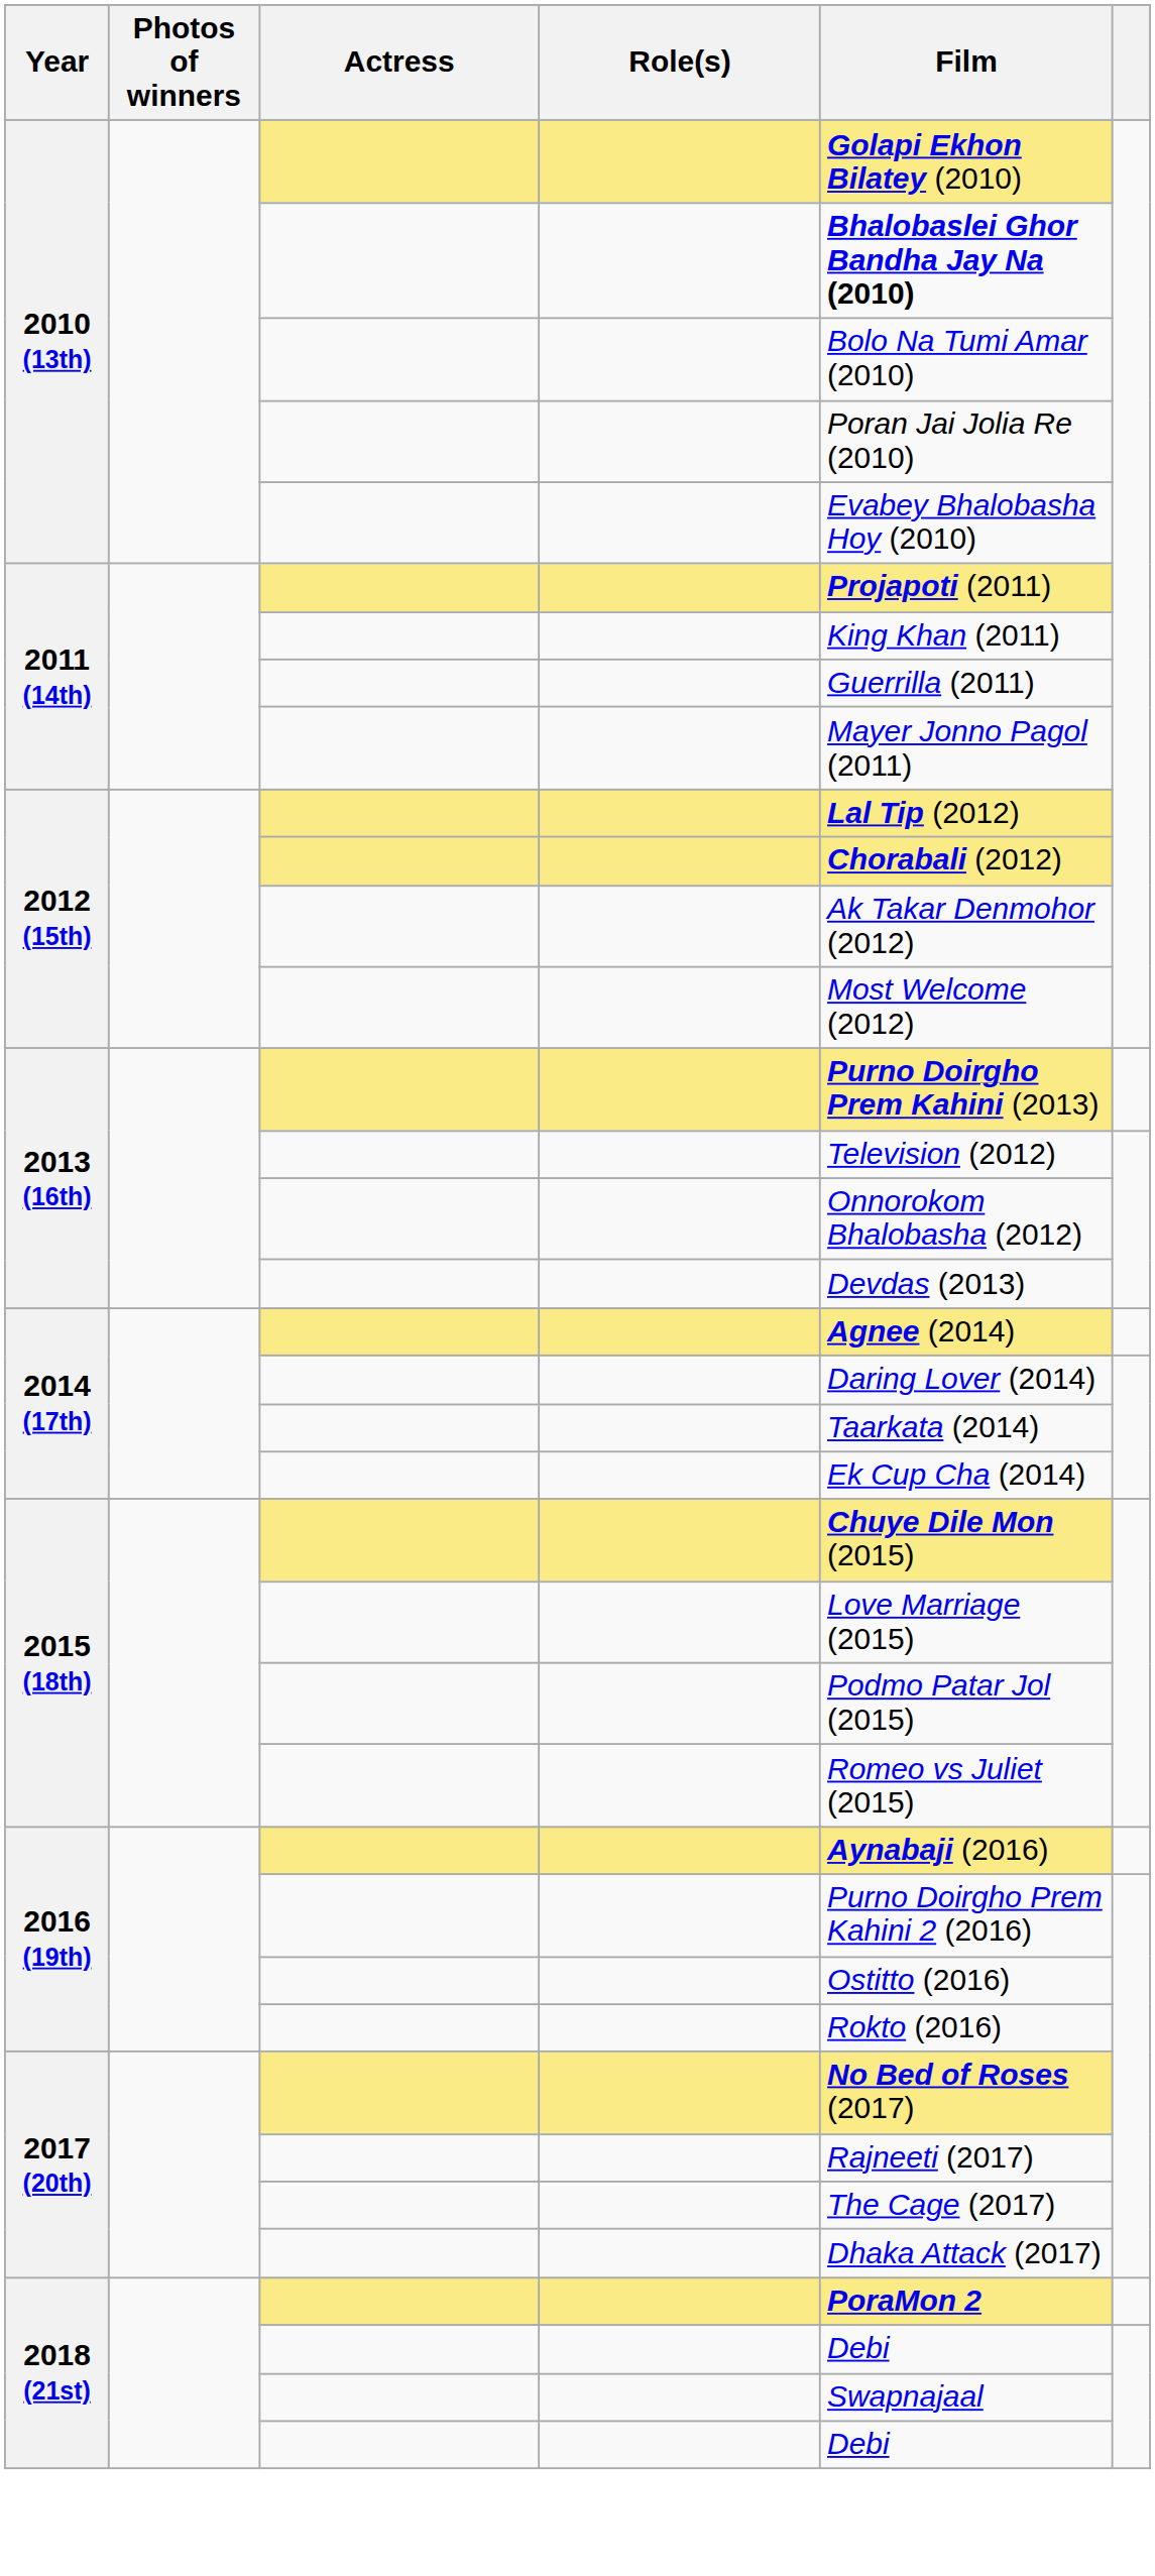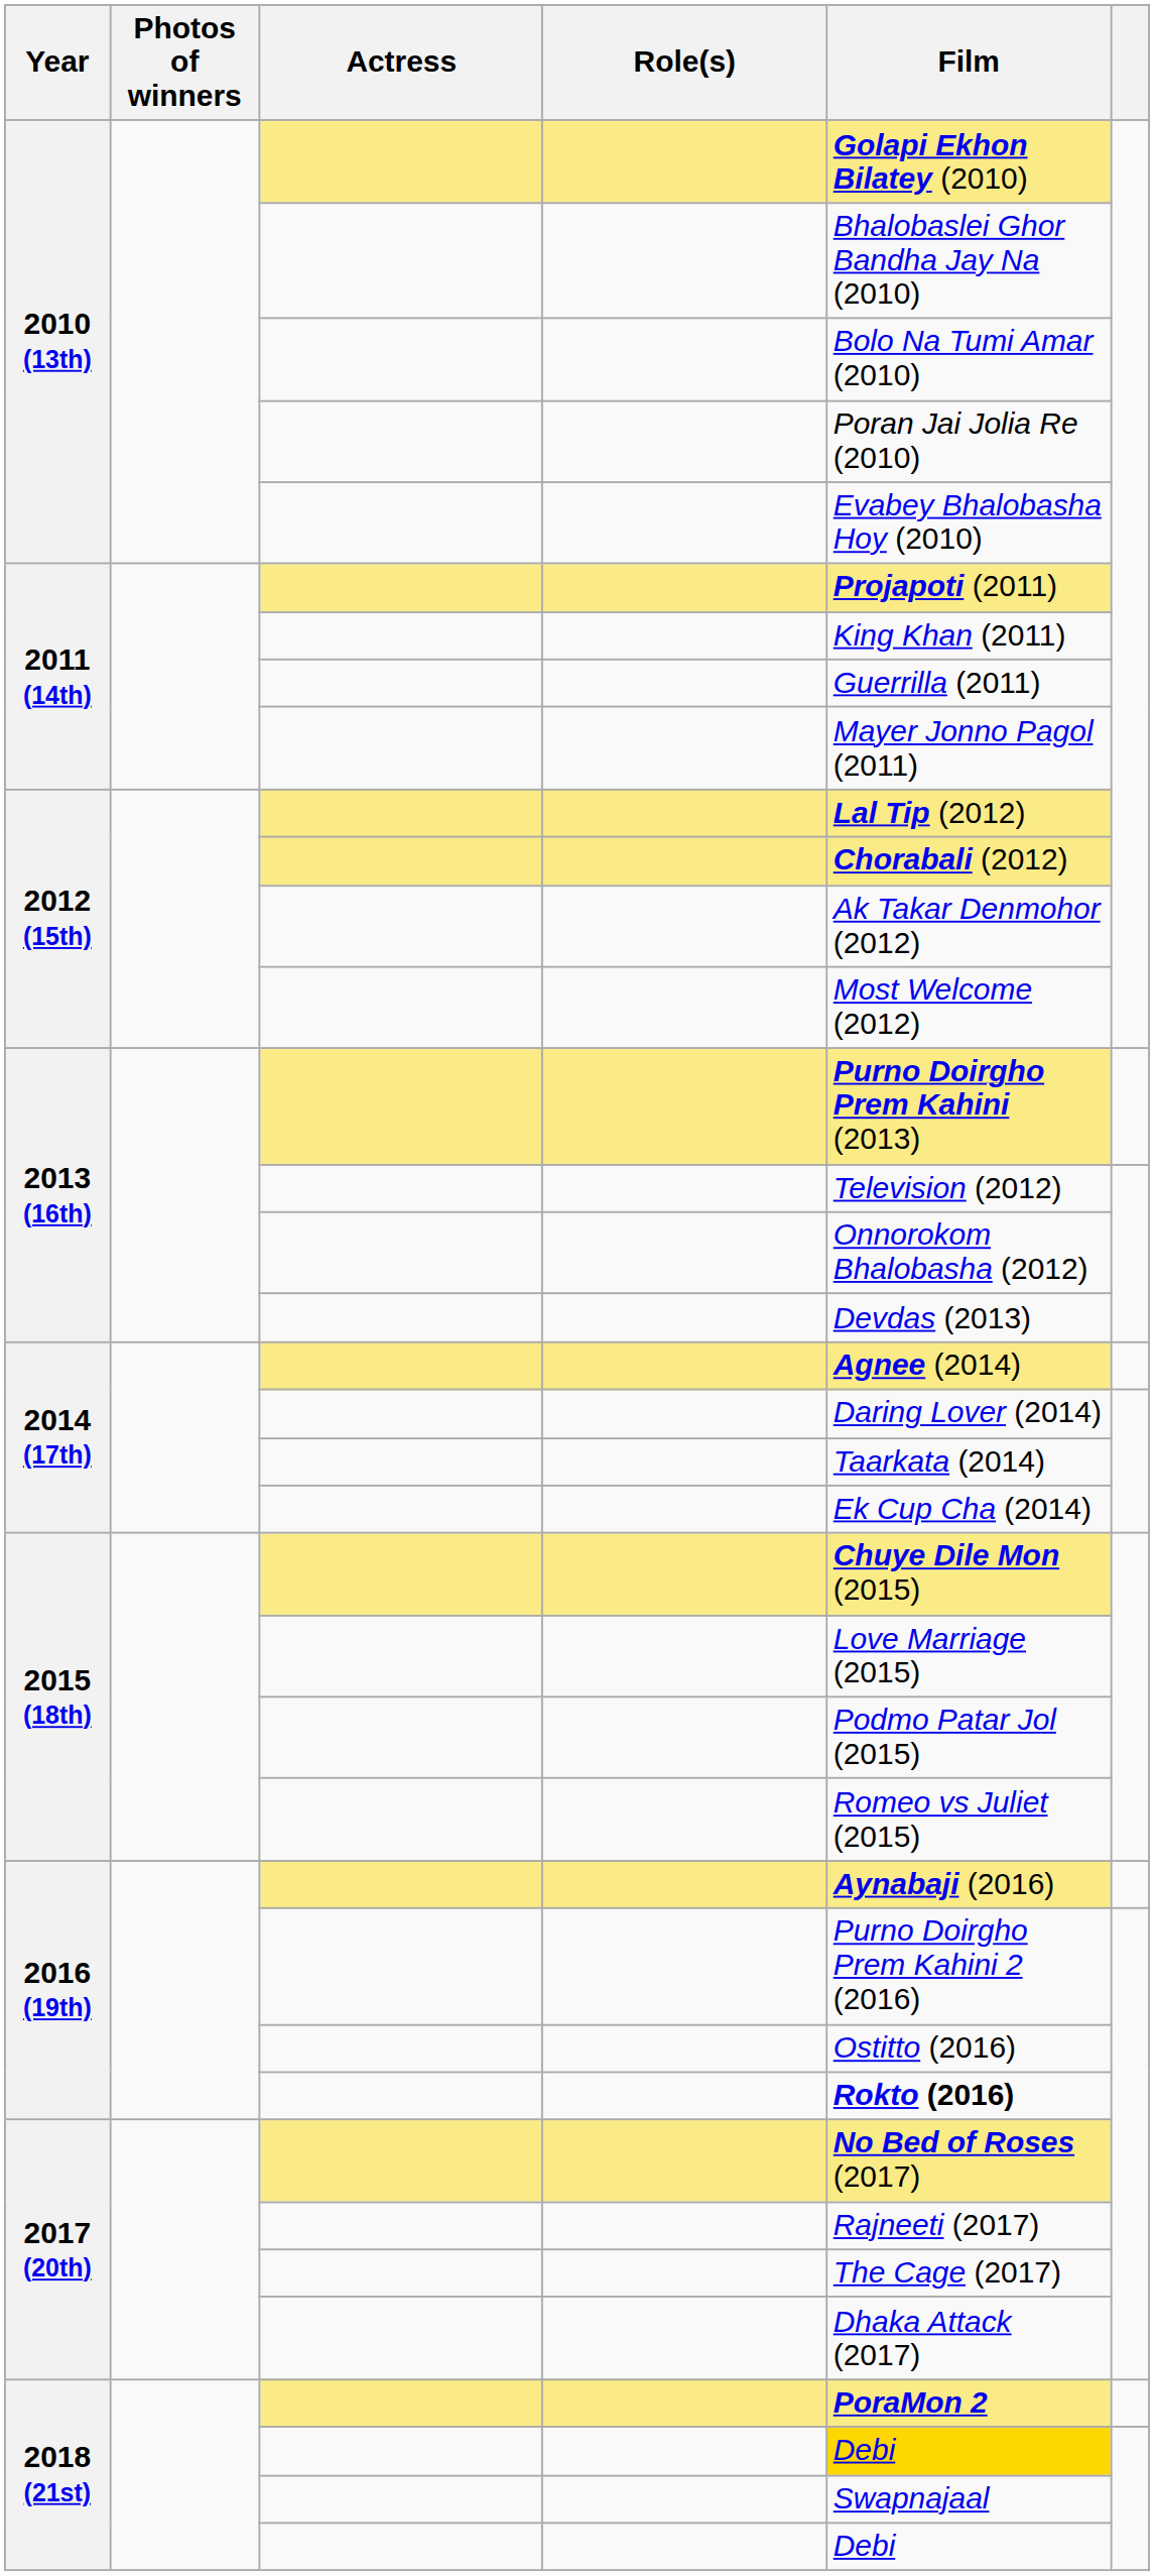 <table class="wikitable sortable" style="text-align:left;">
 <tr>
 <th scope="col" style="width:3%; text-align:center;">Year</th>
 <th scope="col" style="width:3%; text-align:center;">Photos of winners</th>
 <th scope="col" style="width:15%;text-align:center;">Actress</th>
 <th scope="col" style="width:15%;text-align:center;">Role(s)</th>
 <th scope="col" style="width:15%;text-align:center;">Film</th>
 <th scope="col" style="width:2%;" class="unsortable"></th>
 </tr>
 <tr>
 <th scope="row" rowspan=5 style="text-align:center">2010 <br><small><a href='#'>(13th)</a> </small></th>
 <td rowspan=5 style="text-align:center"></td>
 <td style="background:#FAEB86;"><strong></strong> </td>
 <td style="background:#FAEB86;"><strong></strong></td>
 <td style="background:#FAEB86;"><strong><em><a href='#'>Golapi Ekhon Bilatey</a></em></strong> (2010)</td>
 </tr>
 <tr>
 <td></td>
 <td></td>
-<td><strong><em><a href='#'>Bhalobaslei Ghor Bandha Jay Na</a></em> (2010)</strong></td>
+<td><em><a href='#'>Bhalobaslei Ghor Bandha Jay Na</a></em> (2010)</td>
 </tr>
 <tr>
 <td></td>
 <td></td>
 <td><em><a href='#'>Bolo Na Tumi Amar</a></em> (2010)</td>
 </tr>
 <tr>
 <td></td>
 <td></td>
 <td><em>Poran Jai Jolia Re</em> (2010)</td>
 </tr>
 <tr>
 <td></td>
 <td></td>
 <td><em><a href='#'>Evabey Bhalobasha Hoy</a></em> (2010)</td>
 </tr>
 <tr>
 <th scope="row" rowspan=4 style="text-align:center">2011 <br><small><a href='#'>(14th)</a> </small></th>
 <td rowspan=4 style="text-align:center"></td>
 <td style="background:#FAEB86;"><strong></strong> </td>
 <td style="background:#FAEB86;"><strong></strong></td>
 <td style="background:#FAEB86;"><strong><em><a href='#'>Projapoti</a></em></strong> (2011)</td>
 </tr>
 <tr>
 <td></td>
 <td></td>
 <td><em><a href='#'>King Khan</a></em> (2011)</td>
 </tr>
 <tr>
 <td></td>
 <td></td>
 <td><em><a href='#'>Guerrilla</a></em> (2011)</td>
 </tr>
 <tr>
 <td></td>
 <td></td>
 <td><em><a href='#'>Mayer Jonno Pagol</a></em> (2011)</td>
 </tr>
 <tr>
 <th scope="row" rowspan=4 style="text-align:center">2012 <br><small><a href='#'>(15th)</a> </small></th>
 <td rowspan=4 style="text-align:center"></td>
 <td style="background:#FAEB86;"><strong></strong> </td>
 <td style="background:#FAEB86;"><strong></strong></td>
 <td style="background:#FAEB86;"><strong><em><a href='#'>Lal Tip</a></em></strong> (2012)</td>
 </tr>
 <tr>
 <td style="background:#FAEB86;"><strong></strong> </td>
 <td style="background:#FAEB86;"><strong></strong></td>
 <td style="background:#FAEB86;"><strong><em><a href='#'>Chorabali</a></em></strong> (2012)</td>
 </tr>
 <tr>
 <td></td>
 <td></td>
 <td><em><a href='#'>Ak Takar Denmohor</a></em> (2012)</td>
 </tr>
 <tr>
 <td></td>
 <td></td>
 <td><em><a href='#'>Most Welcome</a></em> (2012)</td>
 </tr>
 <tr>
 <th scope="row" rowspan=4 style="text-align:center">2013 <br><small><a href='#'>(16th)</a> </small></th>
 <td rowspan=4 style="text-align:center"></td>
 <td style="background:#FAEB86;"><strong></strong> </td>
 <td style="background:#FAEB86;"><strong></strong></td>
 <td style="background:#FAEB86;"><strong><em><a href='#'>Purno Doirgho Prem Kahini</a></em></strong> (2013)</td>
 <td></td>
 </tr>
 <tr>
 <td></td>
 <td></td>
 <td><em><a href='#'>Television</a></em> (2012)</td>
 </tr>
 <tr>
 <td></td>
 <td></td>
 <td><em><a href='#'>Onnorokom Bhalobasha</a></em> (2012)</td>
 </tr>
 <tr>
 <td></td>
 <td></td>
 <td><em><a href='#'>Devdas</a></em> (2013)</td>
 </tr>
 <tr>
 <th scope="row" rowspan=4 style="text-align:center">2014 <br><small><a href='#'>(17th)</a> </small></th>
 <td rowspan=4 style="text-align:center"></td>
 <td style="background:#FAEB86;"><strong></strong> </td>
 <td style="background:#FAEB86;"><strong></strong></td>
 <td style="background:#FAEB86;"><strong><em><a href='#'>Agnee</a></em></strong> (2014)</td>
 <td></td>
 </tr>
 <tr>
 <td></td>
 <td></td>
 <td><em><a href='#'>Daring Lover</a></em> (2014)</td>
 <td rowspan="3"></td>
 </tr>
 <tr>
 <td></td>
 <td></td>
 <td><em><a href='#'>Taarkata</a></em> (2014)</td>
 </tr>
 <tr>
 <td></td>
 <td></td>
 <td><em><a href='#'>Ek Cup Cha</a></em> (2014)</td>
 </tr>
 <tr>
 <th scope="row" rowspan=4 style="text-align:center">2015 <br><small><a href='#'>(18th)</a> </small></th>
 <td rowspan=4 style="text-align:center"></td>
 <td style="background:#FAEB86;"><strong></strong> </td>
 <td style="background:#FAEB86;"><strong></strong></td>
 <td style="background:#FAEB86;"><strong><em><a href='#'>Chuye Dile Mon</a></em></strong> (2015)</td>
 </tr>
 <tr>
 <td></td>
 <td></td>
 <td><em><a href='#'>Love Marriage</a></em> (2015)</td>
 </tr>
 <tr>
 <td></td>
 <td></td>
 <td><em><a href='#'>Podmo Patar Jol</a></em> (2015)</td>
 </tr>
 <tr>
 <td></td>
 <td></td>
 <td><em><a href='#'>Romeo vs Juliet</a></em> (2015)</td>
 </tr>
 <tr>
 <th scope="row" rowspan=4 style="text-align:center">2016 <br><small><a href='#'>(19th)</a> </small></th>
 <td rowspan=4 style="text-align:center"></td>
 <td style="background:#FAEB86;"><strong></strong> </td>
 <td style="background:#FAEB86;"><strong></strong></td>
 <td style="background:#FAEB86;"><strong><em><a href='#'>Aynabaji</a></em></strong> (2016)</td>
 <td></td>
 </tr>
 <tr>
 <td></td>
 <td></td>
 <td><em><a href='#'>Purno Doirgho Prem Kahini 2</a></em> (2016)</td>
 </tr>
 <tr>
 <td></td>
 <td></td>
 <td><em><a href='#'>Ostitto</a></em> (2016)</td>
 </tr>
 <tr>
 <td></td>
 <td></td>
-<td><em><a href='#'>Rokto</a></em> (2016)</td>
+<td><strong><em><a href='#'>Rokto</a></em> (2016)</strong></td>
 </tr>
 <tr>
 <th scope="row" rowspan=4 style="text-align:center">2017 <br><small><a href='#'>(20th)</a> </small></th>
 <td rowspan=4 style="text-align:center"></td>
 <td style="background:#FAEB86;"><strong></strong> </td>
 <td style="background:#FAEB86;"><strong></strong></td>
 <td style="background:#FAEB86;"><strong><em><a href='#'>No Bed of Roses</a></em></strong> (2017)</td>
 </tr>
 <tr>
 <td></td>
 <td></td>
 <td><em><a href='#'>Rajneeti</a></em> (2017)</td>
 </tr>
 <tr>
 <td></td>
 <td></td>
 <td><em><a href='#'>The Cage</a></em> (2017)</td>
 </tr>
 <tr>
 <td></td>
 <td></td>
 <td><em><a href='#'>Dhaka Attack</a></em> (2017)</td>
 </tr>
 <tr>
 <th scope="row" rowspan=4 style="text-align:center">2018 <br><small><a href='#'>(21st)</a> </small></th>
 <td rowspan=4 style="text-align:center"></td>
 <td style="background:#FAEB86;"><strong></strong> </td>
 <td style="background:#FAEB86;"><strong></strong></td>
 <td style="background:#FAEB86;"><strong><em><a href='#'>PoraMon 2</a></em></strong></td>
 <td></td>
 </tr>
 <tr>
 <td></td>
 <td></td>
-<td><em><a href='#'>Debi</a></em></td>
+<td style="background: gold;"><em><a href='#'>Debi</a></em></td>
 </tr>
 <tr>
 <td></td>
 <td></td>
 <td><em><a href='#'>Swapnajaal</a></em></td>
 </tr>
 <tr>
 <td></td>
 <td></td>
 <td><em><a href='#'>Debi</a></em></td>
 </tr>
 </table>
